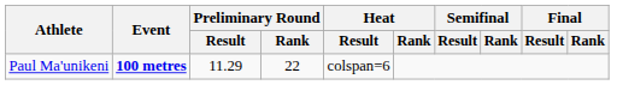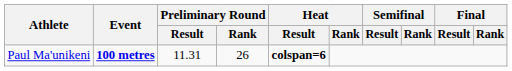 <table class=wikitable style=font-size:90%>
 <tr>
 <th rowspan=2>Athlete</th>
 <th rowspan=2>Event</th>
 <th colspan=2>Preliminary Round</th>
 <th colspan=2>Heat</th>
 <th colspan=2>Semifinal</th>
 <th colspan=2>Final</th>
 </tr>
 <tr style=font-size:95%>
 <th>Result</th>
 <th>Rank</th>
 <th>Result</th>
 <th>Rank</th>
 <th>Result</th>
 <th>Rank</th>
 <th>Result</th>
 <th>Rank</th>
 </tr>
 <tr align=center>
 <td align=left><a href='#'>Paul Ma'unikeni</a></td>
 <td align=left><strong><a href='#'>100 metres</a></strong></td>
-<td>11.29 </td>
-<td>22</td>
-<td>colspan=6 </td>
+<td>11.31 </td>
+<td>26</td>
+<td><strong>colspan=6 </strong></td>
 </tr>
 </table>
